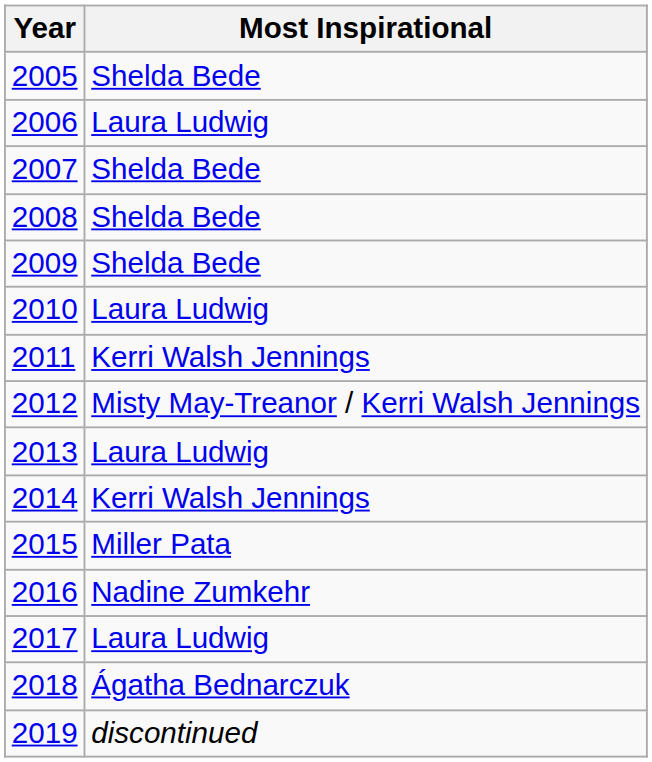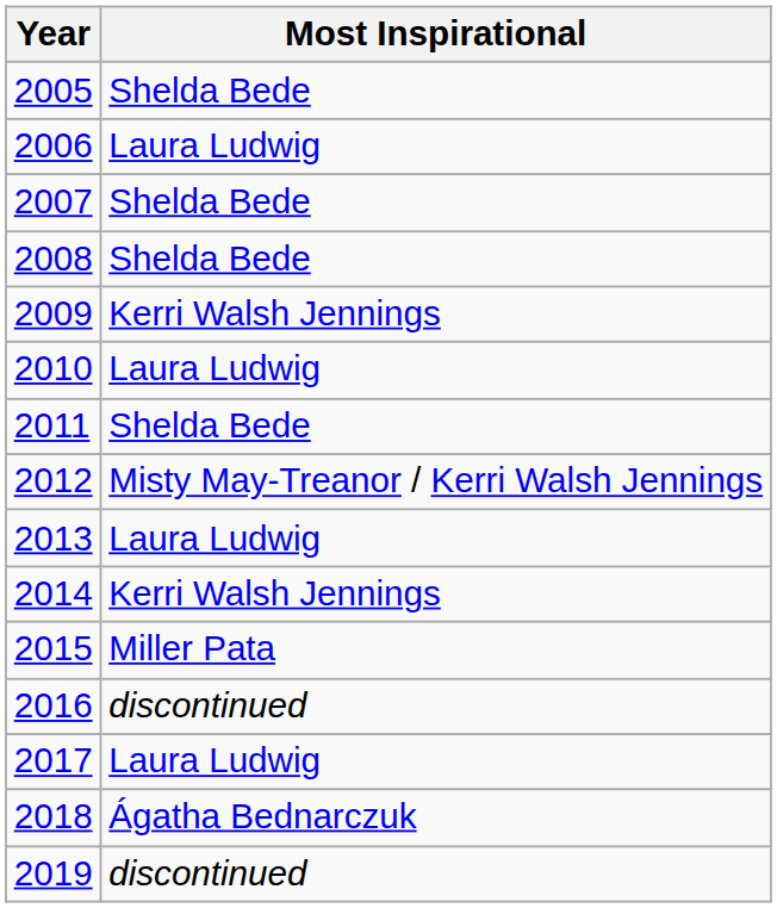 <table class="wikitable sortable" style="display:inline-table;">
 <tr>
 <th>Year</th>
 <th>Most Inspirational</th>
 </tr>
 <tr>
 <td><a href='#'>2005</a></td>
 <td> <a href='#'>Shelda Bede</a> </td>
 </tr>
 <tr>
 <td><a href='#'>2006</a></td>
 <td> <a href='#'>Laura Ludwig</a> </td>
 </tr>
 <tr>
 <td><a href='#'>2007</a></td>
 <td> <a href='#'>Shelda Bede</a> </td>
 </tr>
 <tr>
 <td><a href='#'>2008</a></td>
 <td> <a href='#'>Shelda Bede</a> </td>
 </tr>
 <tr>
 <td><a href='#'>2009</a></td>
-<td> <a href='#'>Shelda Bede</a> </td>
+<td> <a href='#'>Kerri Walsh Jennings</a> </td>
 </tr>
 <tr>
 <td><a href='#'>2010</a></td>
 <td> <a href='#'>Laura Ludwig</a> </td>
 </tr>
 <tr>
 <td><a href='#'>2011</a></td>
-<td> <a href='#'>Kerri Walsh Jennings</a> </td>
+<td> <a href='#'>Shelda Bede</a> </td>
 </tr>
 <tr>
 <td><a href='#'>2012</a></td>
 <td> <a href='#'>Misty May-Treanor</a> /  <a href='#'>Kerri Walsh Jennings</a> </td>
 </tr>
 <tr>
 <td><a href='#'>2013</a></td>
 <td> <a href='#'>Laura Ludwig</a> </td>
 </tr>
 <tr>
 <td><a href='#'>2014</a></td>
 <td> <a href='#'>Kerri Walsh Jennings</a> </td>
 </tr>
 <tr>
 <td><a href='#'>2015</a></td>
 <td> <a href='#'>Miller Pata</a> </td>
 </tr>
 <tr>
 <td><a href='#'>2016</a></td>
-<td> <a href='#'>Nadine Zumkehr</a></td>
+<td><em>discontinued</em></td>
 </tr>
 <tr>
 <td><a href='#'>2017</a></td>
 <td> <a href='#'>Laura Ludwig</a> </td>
 </tr>
 <tr>
 <td><a href='#'>2018</a></td>
 <td> <a href='#'>Ágatha Bednarczuk</a></td>
 </tr>
 <tr>
 <td><a href='#'>2019</a></td>
 <td><em>discontinued</em></td>
 </tr>
 </table>
